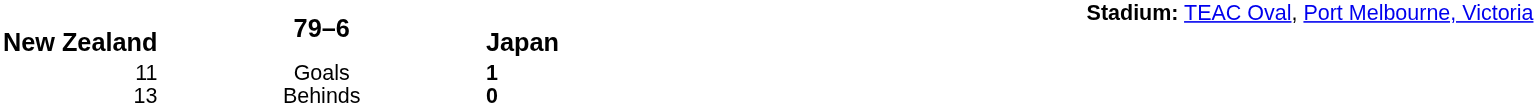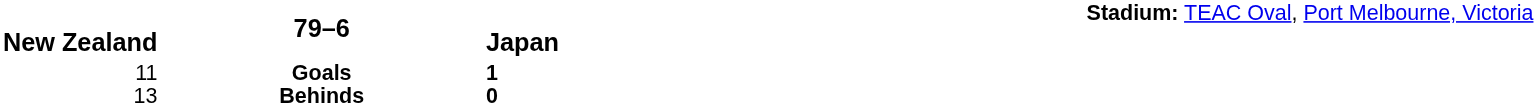 <table style="width: 100%; background: transparent;" cellspacing="0">
 <tr>
 <td align=center valign=top rowspan=3 width=15%></td>
 </tr>
 <tr>
 <td width=24% align=right><br><strong>New Zealand</strong></td>
 <td align=center width=13%><strong>79–6</strong></td>
 <td width=24%><br><strong>Japan</strong></td>
 <td style=font-size:85% rowspan=2 valign=top><strong>Stadium:</strong> <a href='#'>TEAC Oval</a>, <a href='#'>Port Melbourne, Victoria</a></td>
 </tr>
 <tr style=font-size:85%>
 <td align=right valign=top>11<br> 13</td>
-<td align=center valign=top>Goals <br>Behinds</td>
+<td align=center valign=top><strong>Goals <br>Behinds</strong></td>
 <td valign=top><strong>1<br> 0</strong></td>
 </tr>
 </table>
